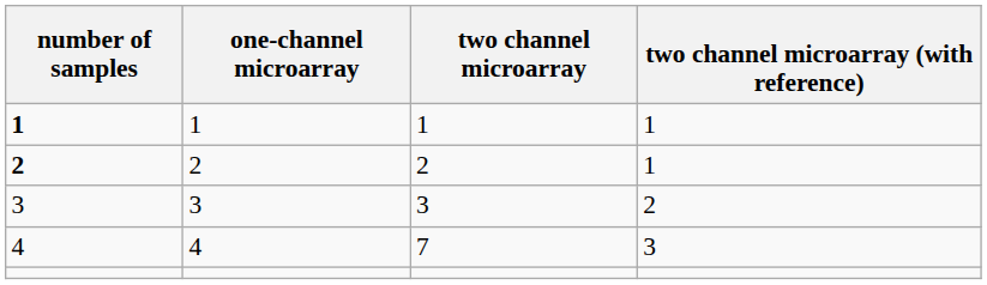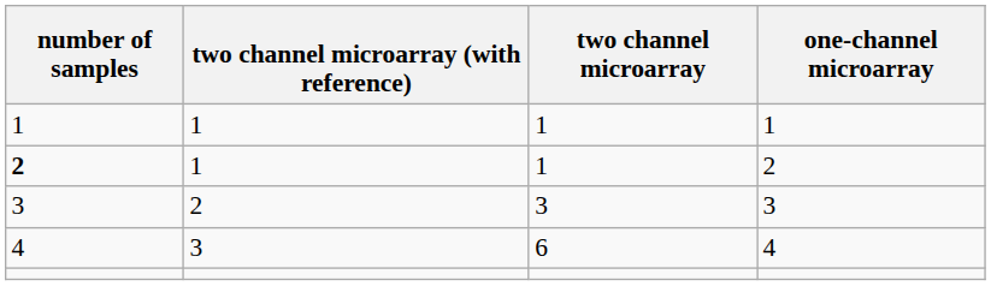 <table class="wikitable">
 <tr>
 <th>number of samples</th>
+<th><br>two channel microarray (with reference)</th>
+<th>two channel microarray</th>
 <th>one-channel microarray</th>
-<th>two channel microarray</th>
-<th><br>two channel microarray (with reference)</th>
 </tr>
 <tr>
-<td><strong>1</strong></td>
+<td>1</td>
 <td>1</td>
 <td>1</td>
 <td>1</td>
 </tr>
 <tr>
 <td><strong>2</strong></td>
+<td>1</td>
+<td>1</td>
 <td>2</td>
-<td>2</td>
-<td>1</td>
 </tr>
 <tr>
 <td>3</td>
+<td>2</td>
 <td>3</td>
 <td>3</td>
-<td>2</td>
 </tr>
 <tr>
 <td>4</td>
+<td>3</td>
+<td>6</td>
 <td>4</td>
-<td>7</td>
-<td>3</td>
 </tr>
 <tr>
 <td></td>
 <td></td>
 <td></td>
 <td></td>
 </tr>
 </table>
